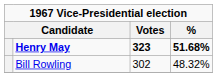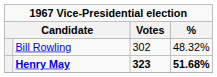 <table class="wikitable" style="font-size: 95%;">
 <tr>
 <td colspan=4 style="text-align:center;"><strong>1967 Vice-Presidential election</strong></td>
 </tr>
 <tr style="background-color:#E9E9E9">
 <th colspan="2" style="width: 170px">Candidate</th>
 <th style="width: 50px">Votes</th>
 <th style="width: 40px">%</th>
 </tr>
 <tr>
+<th style="background-color: "></th>
+<td><a href='#'>Bill Rowling</a></td>
+<td>302</td>
+<td>48.32%</td>
+</tr>
+<tr>
 <th width=5 style="background-color: "></th>
 <td><strong><a href='#'>Henry May</a></strong></td>
 <td><strong>323</strong></td>
 <td><strong>51.68%</strong></td>
 </tr>
 <tr>
-<th style="background-color: "></th>
-<td><a href='#'>Bill Rowling</a></td>
-<td>302</td>
-<td>48.32%</td>
-</tr>
-<tr>
 </tr>
 </table>
